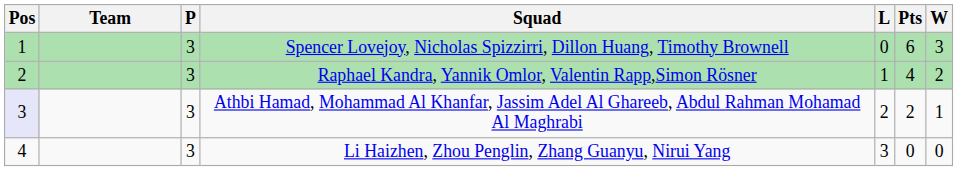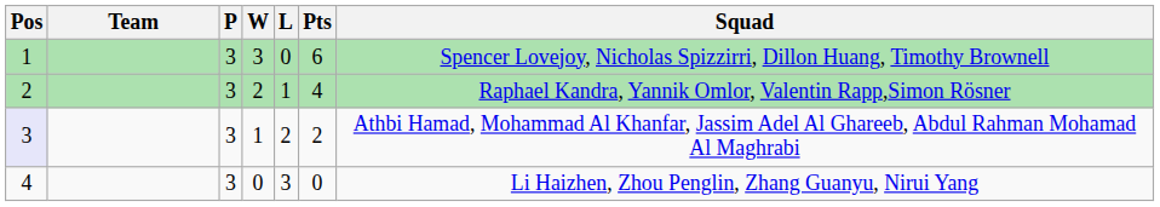 <table class="wikitable" style="font-size: 100%">
 <tr>
 <th width=20>Pos</th>
 <th width=120>Team</th>
 <th width=10>P</th>
-<th width=600>Squad</th>
+<th width=10>W</th>
 <th width=10>L</th>
 <th width=20>Pts</th>
-<th width=10>W</th>
+<th width=600>Squad</th>
 </tr>
 <tr align=center style="background:#ACE1AF;">
 <td>1</td>
 <td align="left"></td>
 <td>3</td>
-<td><a href='#'>Spencer Lovejoy</a>, <a href='#'>Nicholas Spizzirri</a>, <a href='#'>Dillon Huang</a>, <a href='#'>Timothy Brownell</a></td>
+<td>3</td>
 <td>0</td>
 <td>6</td>
-<td>3</td>
+<td><a href='#'>Spencer Lovejoy</a>, <a href='#'>Nicholas Spizzirri</a>, <a href='#'>Dillon Huang</a>, <a href='#'>Timothy Brownell</a></td>
 </tr>
 <tr align=center style="background:#ACE1AF;">
 <td>2</td>
 <td align="left"></td>
 <td>3</td>
-<td><a href='#'>Raphael Kandra</a>, <a href='#'>Yannik Omlor</a>, <a href='#'>Valentin Rapp</a>,<a href='#'>Simon Rösner</a></td>
+<td>2</td>
 <td>1</td>
 <td>4</td>
-<td>2</td>
+<td><a href='#'>Raphael Kandra</a>, <a href='#'>Yannik Omlor</a>, <a href='#'>Valentin Rapp</a>,<a href='#'>Simon Rösner</a></td>
 </tr>
 <tr align=center>
 <td style="background: lavender;">3</td>
 <td align="left"></td>
 <td>3</td>
-<td><a href='#'>Athbi Hamad</a>, <a href='#'>Mohammad Al Khanfar</a>, <a href='#'>Jassim Adel Al Ghareeb</a>, <a href='#'>Abdul Rahman Mohamad Al Maghrabi</a></td>
+<td>1</td>
 <td>2</td>
 <td>2</td>
-<td>1</td>
+<td><a href='#'>Athbi Hamad</a>, <a href='#'>Mohammad Al Khanfar</a>, <a href='#'>Jassim Adel Al Ghareeb</a>, <a href='#'>Abdul Rahman Mohamad Al Maghrabi</a></td>
 </tr>
 <tr align=center>
 <td>4</td>
 <td align="left"></td>
 <td>3</td>
-<td><a href='#'>Li Haizhen</a>, <a href='#'>Zhou Penglin</a>, <a href='#'>Zhang Guanyu</a>, <a href='#'>Nirui Yang</a></td>
+<td>0</td>
 <td>3</td>
 <td>0</td>
-<td>0</td>
+<td><a href='#'>Li Haizhen</a>, <a href='#'>Zhou Penglin</a>, <a href='#'>Zhang Guanyu</a>, <a href='#'>Nirui Yang</a></td>
 </tr>
 </table>
